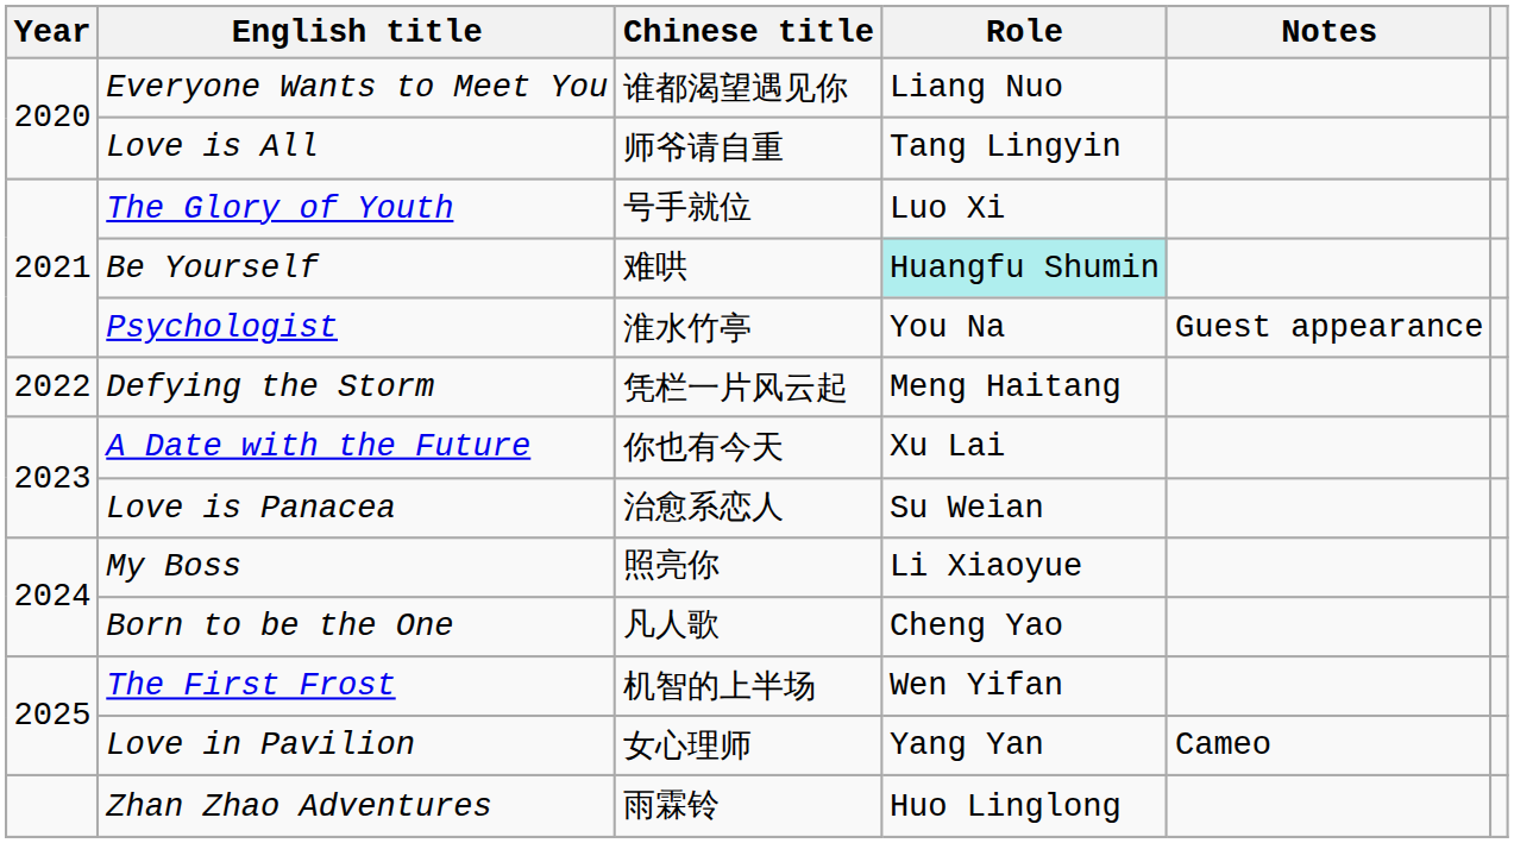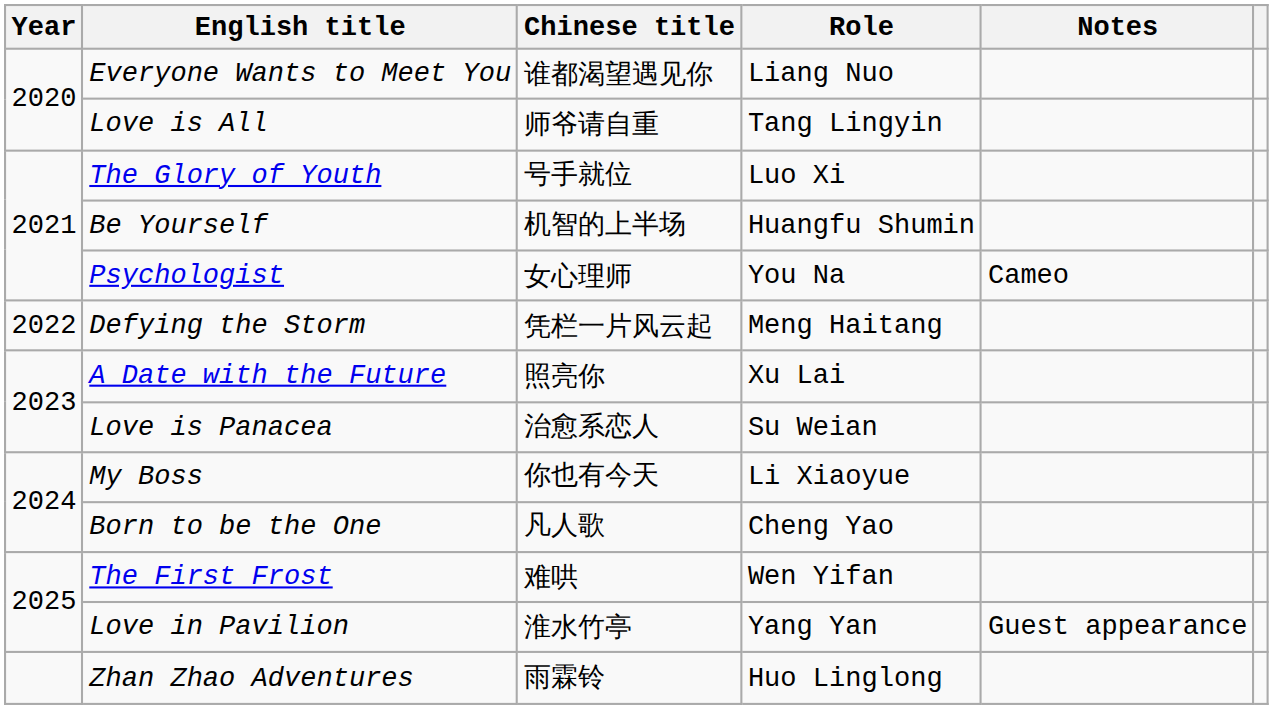 <table class="wikitable sortable">
 <tr>
 <th>Year</th>
 <th>English title</th>
 <th>Chinese title</th>
 <th>Role</th>
 <th class="unsortable">Notes</th>
 <th class="unsortable"></th>
 </tr>
 <tr>
 <td rowspan="2">2020</td>
 <td><em>Everyone Wants to Meet You</em></td>
 <td>谁都渴望遇见你</td>
 <td>Liang Nuo</td>
 <td></td>
 <td></td>
 </tr>
 <tr>
 <td><em>Love is All</em></td>
 <td>师爷请自重</td>
 <td>Tang Lingyin</td>
 <td></td>
 <td></td>
 </tr>
 <tr>
 <td rowspan="3">2021</td>
 <td><em><a href='#'>The Glory of Youth</a></em></td>
 <td>号手就位</td>
 <td>Luo Xi</td>
 <td></td>
 <td></td>
 </tr>
 <tr>
 <td><em>Be Yourself</em></td>
-<td>难哄</td>
-<td style="background: paleturquoise;">Huangfu Shumin</td>
+<td>机智的上半场</td>
+<td>Huangfu Shumin</td>
 <td></td>
 <td></td>
 </tr>
 <tr>
 <td><em><a href='#'>Psychologist</a></em></td>
-<td>淮水竹亭</td>
+<td>女心理师</td>
 <td>You Na</td>
-<td>Guest appearance</td>
+<td>Cameo</td>
 <td></td>
 </tr>
 <tr>
 <td>2022</td>
 <td><em>Defying the Storm</em></td>
 <td>凭栏一片风云起</td>
 <td>Meng Haitang</td>
 <td></td>
 <td></td>
 </tr>
 <tr>
 <td rowspan="2">2023</td>
 <td><em><a href='#'>A Date with the Future</a></em></td>
-<td>你也有今天</td>
+<td>照亮你</td>
 <td>Xu Lai</td>
 <td></td>
 <td></td>
 </tr>
 <tr>
 <td><em>Love is Panacea</em></td>
 <td>治愈系恋人</td>
 <td>Su Weian</td>
 <td></td>
 <td></td>
 </tr>
 <tr>
 <td rowspan="2">2024</td>
 <td><em>My Boss</em></td>
-<td>照亮你</td>
+<td>你也有今天</td>
 <td>Li Xiaoyue</td>
 <td></td>
 <td></td>
 </tr>
 <tr>
 <td><em>Born to be the One</em></td>
 <td>凡人歌</td>
 <td>Cheng Yao</td>
 <td></td>
 <td></td>
 </tr>
 <tr>
 <td rowspan="2">2025</td>
 <td><em><a href='#'>The First Frost</a></em></td>
-<td>机智的上半场</td>
+<td>难哄</td>
 <td>Wen Yifan</td>
 <td></td>
 <td></td>
 </tr>
 <tr>
 <td><em>Love in Pavilion</em></td>
-<td>女心理师</td>
+<td>淮水竹亭</td>
 <td>Yang Yan</td>
-<td>Cameo</td>
+<td>Guest appearance</td>
 <td></td>
 </tr>
 <tr>
 <td></td>
 <td><em>Zhan Zhao Adventures</em></td>
 <td>雨霖铃</td>
 <td>Huo Linglong</td>
 <td></td>
 <td></td>
 </tr>
 </table>
